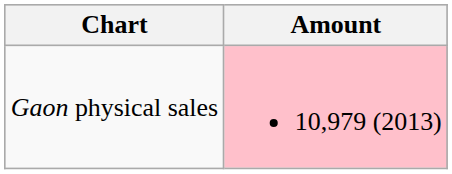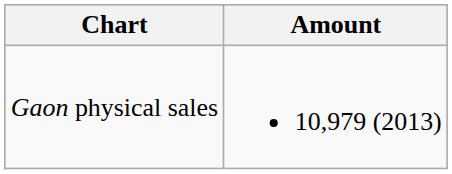 <table class="wikitable">
 <tr>
 <th>Chart</th>
 <th>Amount</th>
 </tr>
 <tr>
 <td><em>Gaon</em> physical sales</td>
-<td align="center" style="background: pink;"><br><ul><li>10,979 (2013)</li></ul></td>
+<td align="center"><br><ul><li>10,979 (2013)</li></ul></td>
 </tr>
 </table>
